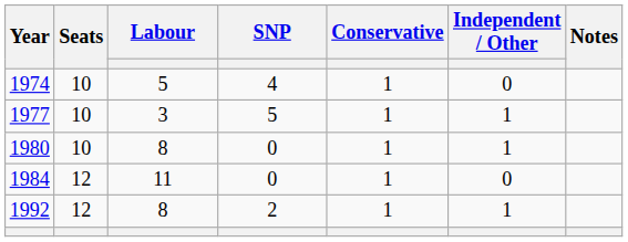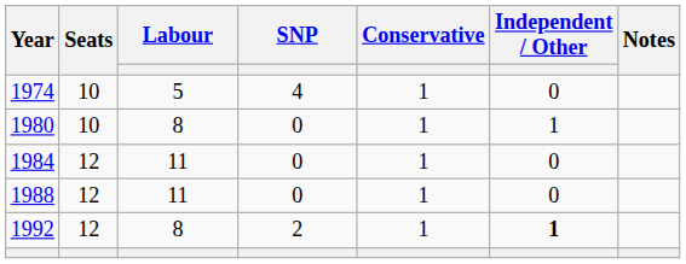 <table class="wikitable" style=text-align:center>
 <tr>
 <th rowspan=2><strong>Year</strong></th>
 <th rowspan=2><strong>Seats</strong></th>
 <th width="80"><a href='#'><strong>Labour</strong></a></th>
 <th width="80"><strong><a href='#'>SNP</a></strong></th>
 <th width="80"><strong><a href='#'>Conservative</a></strong></th>
 <th width="80"><a href='#'><strong>Independent / Other</strong></a></th>
 <th rowspan=2><strong>Notes</strong></th>
 </tr>
 <tr>
 <th style="background-color: "></th>
 <th style="background-color: "></th>
 <th style="background-color: "></th>
 <th style="background-color: "></th>
 </tr>
 <tr>
 <td><a href='#'>1974</a></td>
 <td>10</td>
 <td>5</td>
 <td>4</td>
 <td>1</td>
 <td>0</td>
 <td align=left></td>
 </tr>
 <tr>
-<td><a href='#'>1977</a></td>
-<td>10</td>
-<td>3</td>
-<td>5</td>
-<td>1</td>
-<td>1</td>
-<td align=left></td>
-</tr>
-<tr>
 <td><a href='#'>1980</a></td>
 <td>10</td>
 <td>8</td>
 <td>0</td>
 <td>1</td>
 <td>1</td>
 <td align=left></td>
 </tr>
 <tr>
 <td><a href='#'>1984</a></td>
 <td>12</td>
 <td>11</td>
 <td>0</td>
 <td>1</td>
 <td>0</td>
 <td align=left></td>
 </tr>
 <tr>
+<td><a href='#'>1988</a></td>
+<td>12</td>
+<td>11</td>
+<td>0</td>
+<td>1</td>
+<td>0</td>
+<td align=left></td>
+</tr>
+<tr>
 <td><a href='#'>1992</a></td>
 <td>12</td>
 <td>8</td>
 <td>2</td>
 <td>1</td>
-<td>1</td>
+<td><strong>1</strong></td>
 <td align=left></td>
 </tr>
 <tr>
 <th></th>
 <th></th>
 <th style="background-color: "></th>
 <th style="background-color: "></th>
 <th style="background-color: "></th>
 <th style="background-color: "></th>
 <th></th>
 </tr>
 </table>
